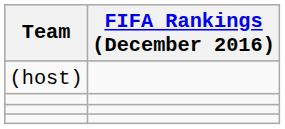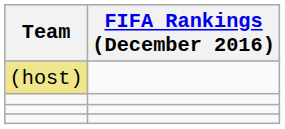 <table class="wikitable sortable" style="text-align: left;">
 <tr>
 <th>Team</th>
 <th><a href='#'>FIFA Rankings</a><br>(December 2016)</th>
 </tr>
 <tr>
-<td> (host)</td>
+<td style="background: khaki;"> (host)</td>
 <td></td>
 </tr>
 <tr>
 <td></td>
 <td></td>
 </tr>
 <tr>
 <td></td>
 <td></td>
 </tr>
 <tr>
 <td></td>
 <td></td>
 </tr>
 </table>
